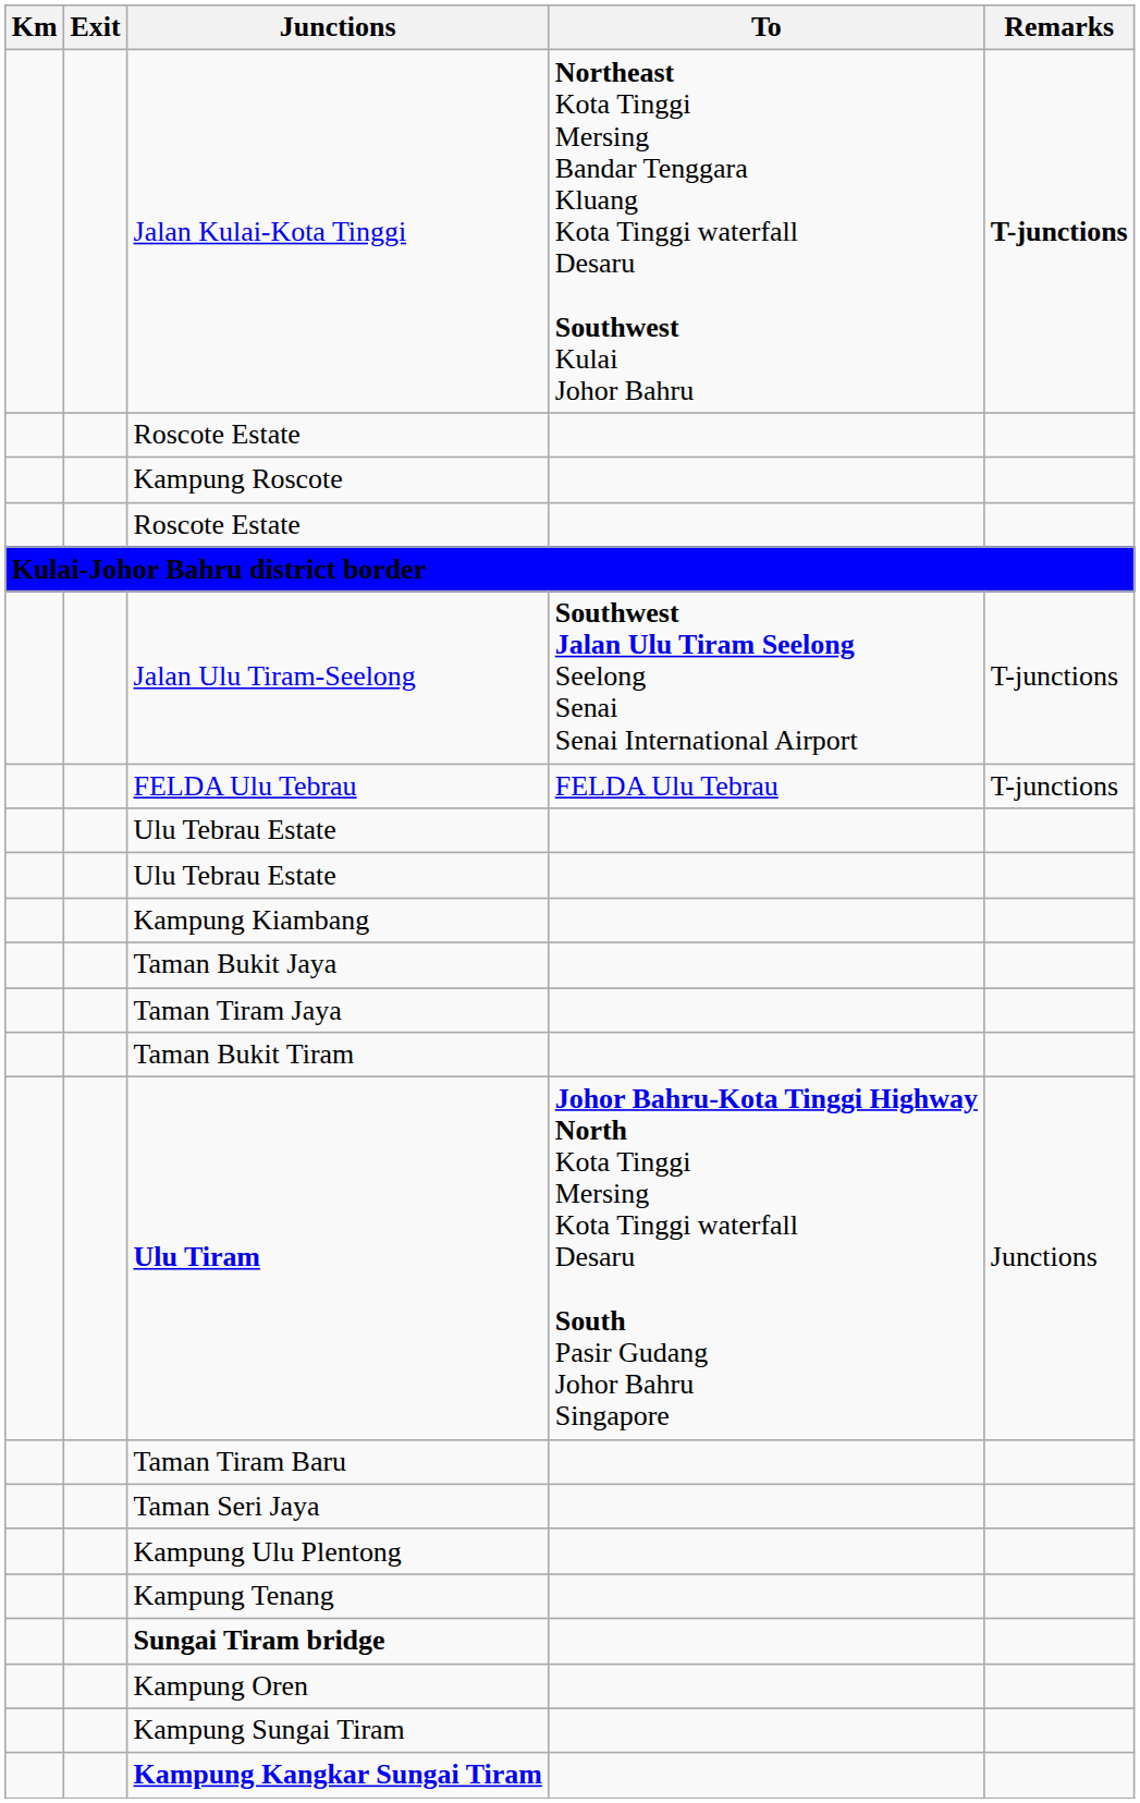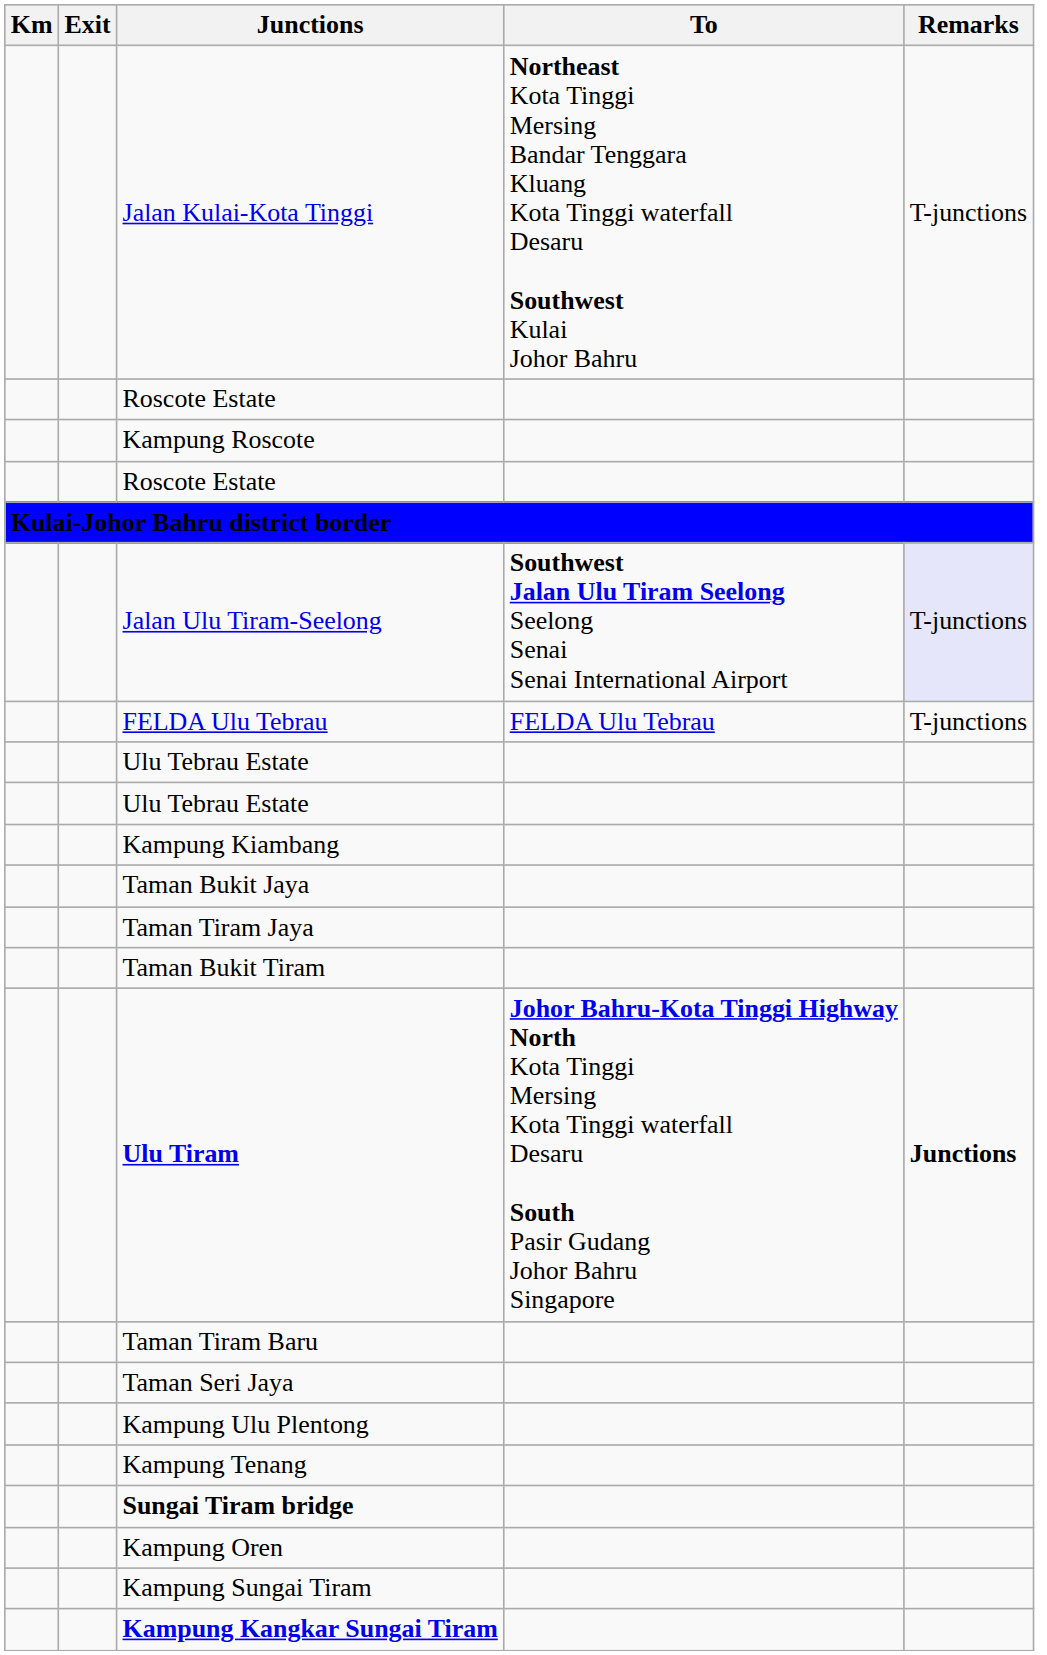 <table class="wikitable">
 <tr>
 <th>Km</th>
 <th>Exit</th>
 <th>Junctions</th>
 <th>To</th>
 <th>Remarks</th>
 </tr>
 <tr>
 <td></td>
 <td></td>
 <td><a href='#'>Jalan Kulai-Kota Tinggi</a></td>
 <td><strong>Northeast</strong><br> Kota Tinggi<br>  Mersing<br> Bandar Tenggara<br> Kluang<br> Kota Tinggi waterfall<br> Desaru<br><br><strong>Southwest</strong><br> Kulai<br> Johor Bahru</td>
-<td><strong>T-junctions</strong></td>
+<td>T-junctions</td>
 </tr>
 <tr>
 <td></td>
 <td></td>
 <td>Roscote Estate</td>
 <td></td>
 <td></td>
 </tr>
 <tr>
 <td></td>
 <td></td>
 <td>Kampung Roscote</td>
 <td></td>
 <td></td>
 </tr>
 <tr>
 <td></td>
 <td></td>
 <td>Roscote Estate</td>
 <td></td>
 <td></td>
 </tr>
 <tr>
 <td style="width:600px" colspan="6" style="text-align:center" bgcolor="blue"><strong><span>Kulai-Johor Bahru district border</span></strong></td>
 </tr>
 <tr>
 <td></td>
 <td></td>
 <td><a href='#'>Jalan Ulu Tiram-Seelong</a></td>
 <td><strong>Southwest</strong><br> <strong><a href='#'>Jalan Ulu Tiram Seelong</a></strong><br>Seelong<br>Senai<br>Senai International Airport </td>
-<td>T-junctions</td>
+<td style="background: lavender;">T-junctions</td>
 </tr>
 <tr>
 <td></td>
 <td></td>
 <td><a href='#'>FELDA Ulu Tebrau</a></td>
 <td><a href='#'>FELDA Ulu Tebrau</a></td>
 <td>T-junctions</td>
 </tr>
 <tr>
 <td></td>
 <td></td>
 <td>Ulu Tebrau Estate</td>
 <td></td>
 <td></td>
 </tr>
 <tr>
 <td></td>
 <td></td>
 <td>Ulu Tebrau Estate</td>
 <td></td>
 <td></td>
 </tr>
 <tr>
 <td></td>
 <td></td>
 <td>Kampung Kiambang</td>
 <td></td>
 <td></td>
 </tr>
 <tr>
 <td></td>
 <td></td>
 <td>Taman Bukit Jaya</td>
 <td></td>
 <td></td>
 </tr>
 <tr>
 <td></td>
 <td></td>
 <td>Taman Tiram Jaya</td>
 <td></td>
 <td></td>
 </tr>
 <tr>
 <td></td>
 <td></td>
 <td>Taman Bukit Tiram</td>
 <td></td>
 <td></td>
 </tr>
 <tr>
 <td></td>
 <td></td>
 <td><strong><a href='#'>Ulu Tiram</a></strong></td>
 <td>  <strong><a href='#'>Johor Bahru-Kota Tinggi Highway</a></strong><br><strong>North</strong><br>  Kota Tinggi<br>  Mersing<br> Kota Tinggi waterfall<br> Desaru<br><br><strong>South</strong><br> Pasir Gudang<br>  Johor Bahru<br>  Singapore</td>
-<td>Junctions</td>
+<td><strong>Junctions</strong></td>
 </tr>
 <tr>
 <td></td>
 <td></td>
 <td>Taman Tiram Baru</td>
 <td></td>
 <td></td>
 </tr>
 <tr>
 <td></td>
 <td></td>
 <td>Taman Seri Jaya</td>
 <td></td>
 <td></td>
 </tr>
 <tr>
 <td></td>
 <td></td>
 <td>Kampung Ulu Plentong</td>
 <td></td>
 <td></td>
 </tr>
 <tr>
 <td></td>
 <td></td>
 <td>Kampung Tenang</td>
 <td></td>
 <td></td>
 </tr>
 <tr>
 <td></td>
 <td></td>
 <td><strong>Sungai Tiram bridge</strong></td>
 <td></td>
 <td></td>
 </tr>
 <tr>
 <td></td>
 <td></td>
 <td>Kampung Oren</td>
 <td></td>
 <td></td>
 </tr>
 <tr>
 <td></td>
 <td></td>
 <td>Kampung Sungai Tiram</td>
 <td></td>
 <td></td>
 </tr>
 <tr>
 <td></td>
 <td></td>
 <td><strong><a href='#'>Kampung Kangkar Sungai Tiram</a></strong></td>
 <td></td>
 <td></td>
 </tr>
 </table>
